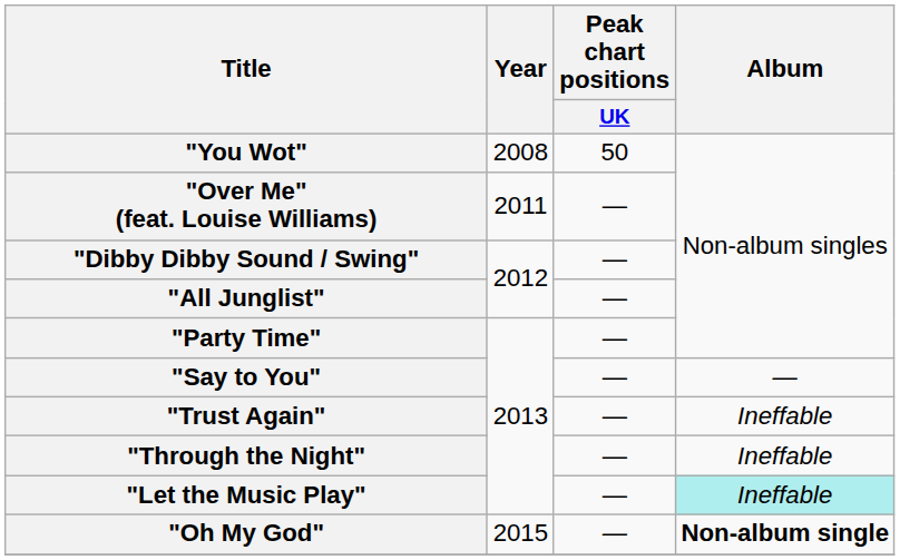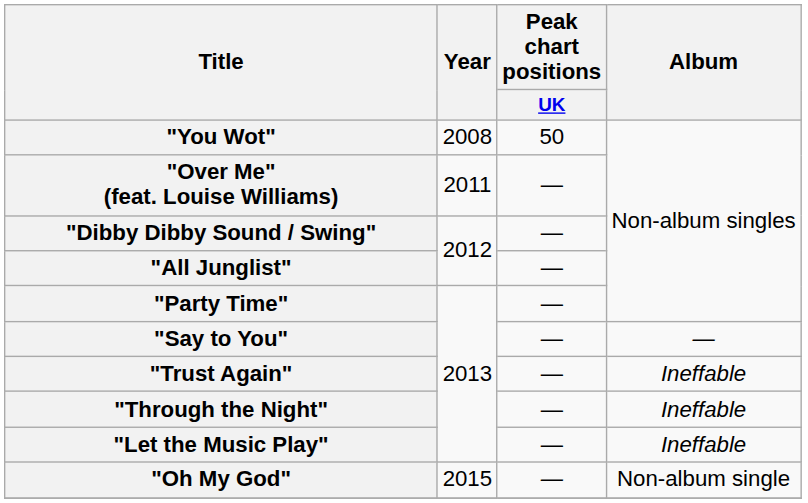 <table class="wikitable plainrowheaders" style="text-align:center;">
 <tr>
 <th scope="col" rowspan=2 style="width:19em;">Title</th>
 <th scope="col" rowspan=2>Year</th>
 <th scope="col" colspan=1>Peak chart positions</th>
 <th scope="col" rowspan=2>Album</th>
 </tr>
 <tr>
 <th scope="col" style="width:5em;font-size:85%;"><a href='#'>UK</a></th>
 </tr>
 <tr>
 <th scope="row">"You Wot"<br></th>
 <td>2008</td>
 <td>50</td>
 <td rowspan=5>Non-album singles</td>
 </tr>
 <tr>
 <th scope="row">"Over Me"<br>(feat. Louise Williams)</th>
 <td>2011</td>
 <td>—</td>
 </tr>
 <tr>
 <th scope="row">"Dibby Dibby Sound / Swing"<br></th>
 <td rowspan=2>2012</td>
 <td>—</td>
 </tr>
 <tr>
 <th scope="row">"All Junglist"<br></th>
 <td>—</td>
 </tr>
 <tr>
 <th scope="row">"Party Time"<br></th>
 <td rowspan=5>2013</td>
 <td>—</td>
 </tr>
 <tr>
 <th scope="row">"Say to You"<br></th>
 <td>—</td>
 <td><em>—</em></td>
 </tr>
 <tr>
 <th scope="row">"Trust Again"<br></th>
 <td>—</td>
 <td><em>Ineffable</em></td>
 </tr>
 <tr>
 <th scope="row">"Through the Night"<br></th>
 <td>—</td>
 <td><em>Ineffable</em></td>
 </tr>
 <tr>
 <th scope="row">"Let the Music Play"<br></th>
 <td>—</td>
-<td style="background: paleturquoise;"><em>Ineffable</em></td>
+<td><em>Ineffable</em></td>
 </tr>
 <tr>
 <th scope="row">"Oh My God"<br></th>
 <td>2015</td>
 <td><em>—</em></td>
-<td><strong>Non-album single</strong></td>
+<td>Non-album single</td>
 </tr>
 <tr>
 </tr>
 </table>
